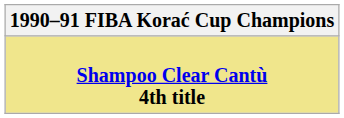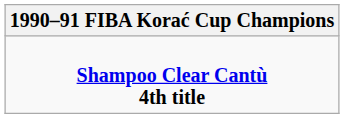 <table class=wikitable style="text-align:center; margin:auto">
 <tr>
 <th>1990–91 FIBA Korać Cup Champions</th>
 </tr>
 <tr>
-<td style="background: khaki;"><br> <strong><a href='#'>Shampoo Clear Cantù</a></strong> <br> <strong>4th title</strong></td>
+<td><br> <strong><a href='#'>Shampoo Clear Cantù</a></strong> <br> <strong>4th title</strong></td>
 </tr>
 </table>
